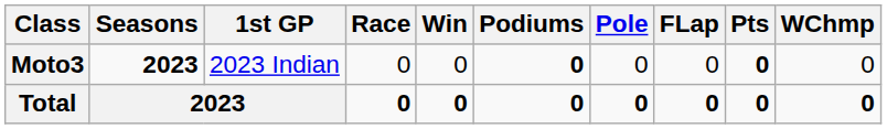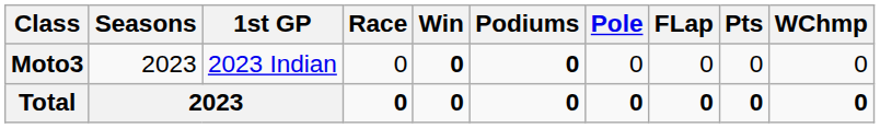 <table class="wikitable" style=text-align:right>
 <tr>
 <th>Class</th>
 <th>Seasons</th>
 <th>1st GP</th>
 <th>Race</th>
 <th>Win</th>
 <th>Podiums</th>
 <th><a href='#'>Pole</a></th>
 <th>FLap</th>
 <th>Pts</th>
 <th>WChmp</th>
 </tr>
 <tr>
 <th>Moto3</th>
-<td><strong>2023</strong></td>
+<td>2023</td>
 <td align="left"><a href='#'>2023 Indian</a></td>
 <td>0</td>
-<td>0</td>
+<td><strong>0</strong></td>
 <td><strong>0</strong></td>
 <td>0</td>
 <td>0</td>
-<td><strong>0</strong></td>
+<td>0</td>
 <td>0</td>
 </tr>
 <tr align="right">
 <th>Total</th>
 <th colspan=2>2023</th>
 <td><strong>0</strong></td>
 <td><strong>0</strong></td>
 <td><strong>0</strong></td>
 <td><strong>0</strong></td>
 <td><strong>0</strong></td>
 <td><strong>0</strong></td>
 <td><strong>0</strong></td>
 </tr>
 </table>
